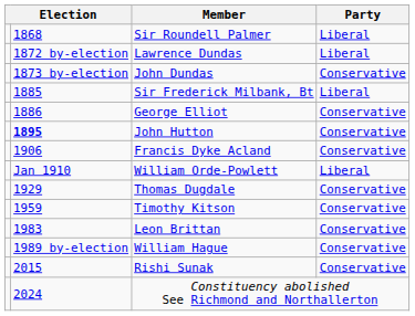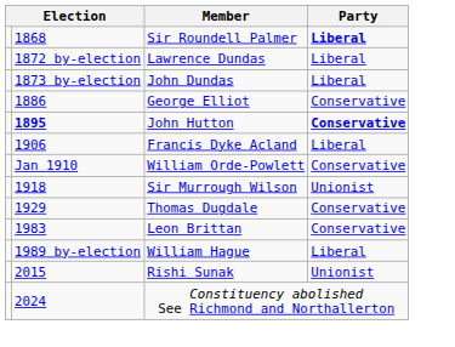 <table class="wikitable">
 <tr>
 <th colspan="2">Election</th>
 <th>Member</th>
 <th>Party</th>
 </tr>
 <tr>
 <td style="color:inherit;background-color: "></td>
 <td><a href='#'>1868</a></td>
 <td><a href='#'>Sir Roundell Palmer</a></td>
-<td><a href='#'>Liberal</a></td>
+<td><strong><a href='#'>Liberal</a></strong></td>
 </tr>
 <tr>
 <td style="color:inherit;background-color: "></td>
 <td><a href='#'>1872 by-election</a></td>
 <td><a href='#'>Lawrence Dundas</a></td>
 <td><a href='#'>Liberal</a></td>
 </tr>
 <tr>
 <td style="color:inherit;background-color: "></td>
 <td><a href='#'>1873 by-election</a></td>
 <td><a href='#'>John Dundas</a></td>
-<td><a href='#'>Conservative</a></td>
-</tr>
-<tr>
-<td style="color:inherit;background-color: "></td>
-<td><a href='#'>1885</a></td>
-<td><a href='#'>Sir Frederick Milbank, Bt</a></td>
 <td><a href='#'>Liberal</a></td>
 </tr>
 <tr>
 <td style="color:inherit;background-color: "></td>
 <td><a href='#'>1886</a></td>
 <td><a href='#'>George Elliot</a></td>
 <td><a href='#'>Conservative</a></td>
 </tr>
 <tr>
 <td style="color:inherit;background-color: "></td>
 <td><strong><a href='#'>1895</a></strong></td>
 <td><a href='#'>John Hutton</a></td>
-<td><a href='#'>Conservative</a></td>
+<td><strong><a href='#'>Conservative</a></strong></td>
 </tr>
 <tr>
 <td style="color:inherit;background-color: "></td>
 <td><a href='#'>1906</a></td>
 <td><a href='#'>Francis Dyke Acland</a></td>
-<td><a href='#'>Conservative</a></td>
+<td><a href='#'>Liberal</a></td>
 </tr>
 <tr>
 <td style="color:inherit;background-color: "></td>
 <td><a href='#'>Jan 1910</a></td>
 <td><a href='#'>William Orde-Powlett</a></td>
-<td><a href='#'>Liberal</a></td>
+<td><a href='#'>Conservative</a></td>
+</tr>
+<tr>
+<td style="color:inherit;background-color: "></td>
+<td><a href='#'>1918</a></td>
+<td><a href='#'>Sir Murrough Wilson</a></td>
+<td><a href='#'>Unionist</a></td>
 </tr>
 <tr>
 <td style="color:inherit;background-color: "></td>
 <td><a href='#'>1929</a></td>
 <td><a href='#'>Thomas Dugdale</a></td>
-<td><a href='#'>Conservative</a></td>
-</tr>
-<tr>
-<td style="color:inherit;background-color: "></td>
-<td><a href='#'>1959</a></td>
-<td><a href='#'>Timothy Kitson</a></td>
 <td><a href='#'>Conservative</a></td>
 </tr>
 <tr>
 <td style="color:inherit;background-color: "></td>
 <td><a href='#'>1983</a></td>
 <td><a href='#'>Leon Brittan</a></td>
 <td><a href='#'>Conservative</a></td>
 </tr>
 <tr>
 <td style="color:inherit;background-color: "></td>
 <td><a href='#'>1989 by-election</a></td>
 <td><a href='#'>William Hague</a></td>
-<td><a href='#'>Conservative</a></td>
+<td><a href='#'>Liberal</a></td>
 </tr>
 <tr>
 <td style="color:inherit;background-color: "></td>
 <td><a href='#'>2015</a></td>
 <td><a href='#'>Rishi Sunak</a></td>
-<td><a href='#'>Conservative</a></td>
+<td><a href='#'>Unionist</a></td>
 </tr>
 <tr>
 <td></td>
 <td><a href='#'>2024</a></td>
 <td colspan="2" align="center"><em>Constituency abolished</em><br>See <a href='#'>Richmond and Northallerton</a></td>
 </tr>
 </table>
